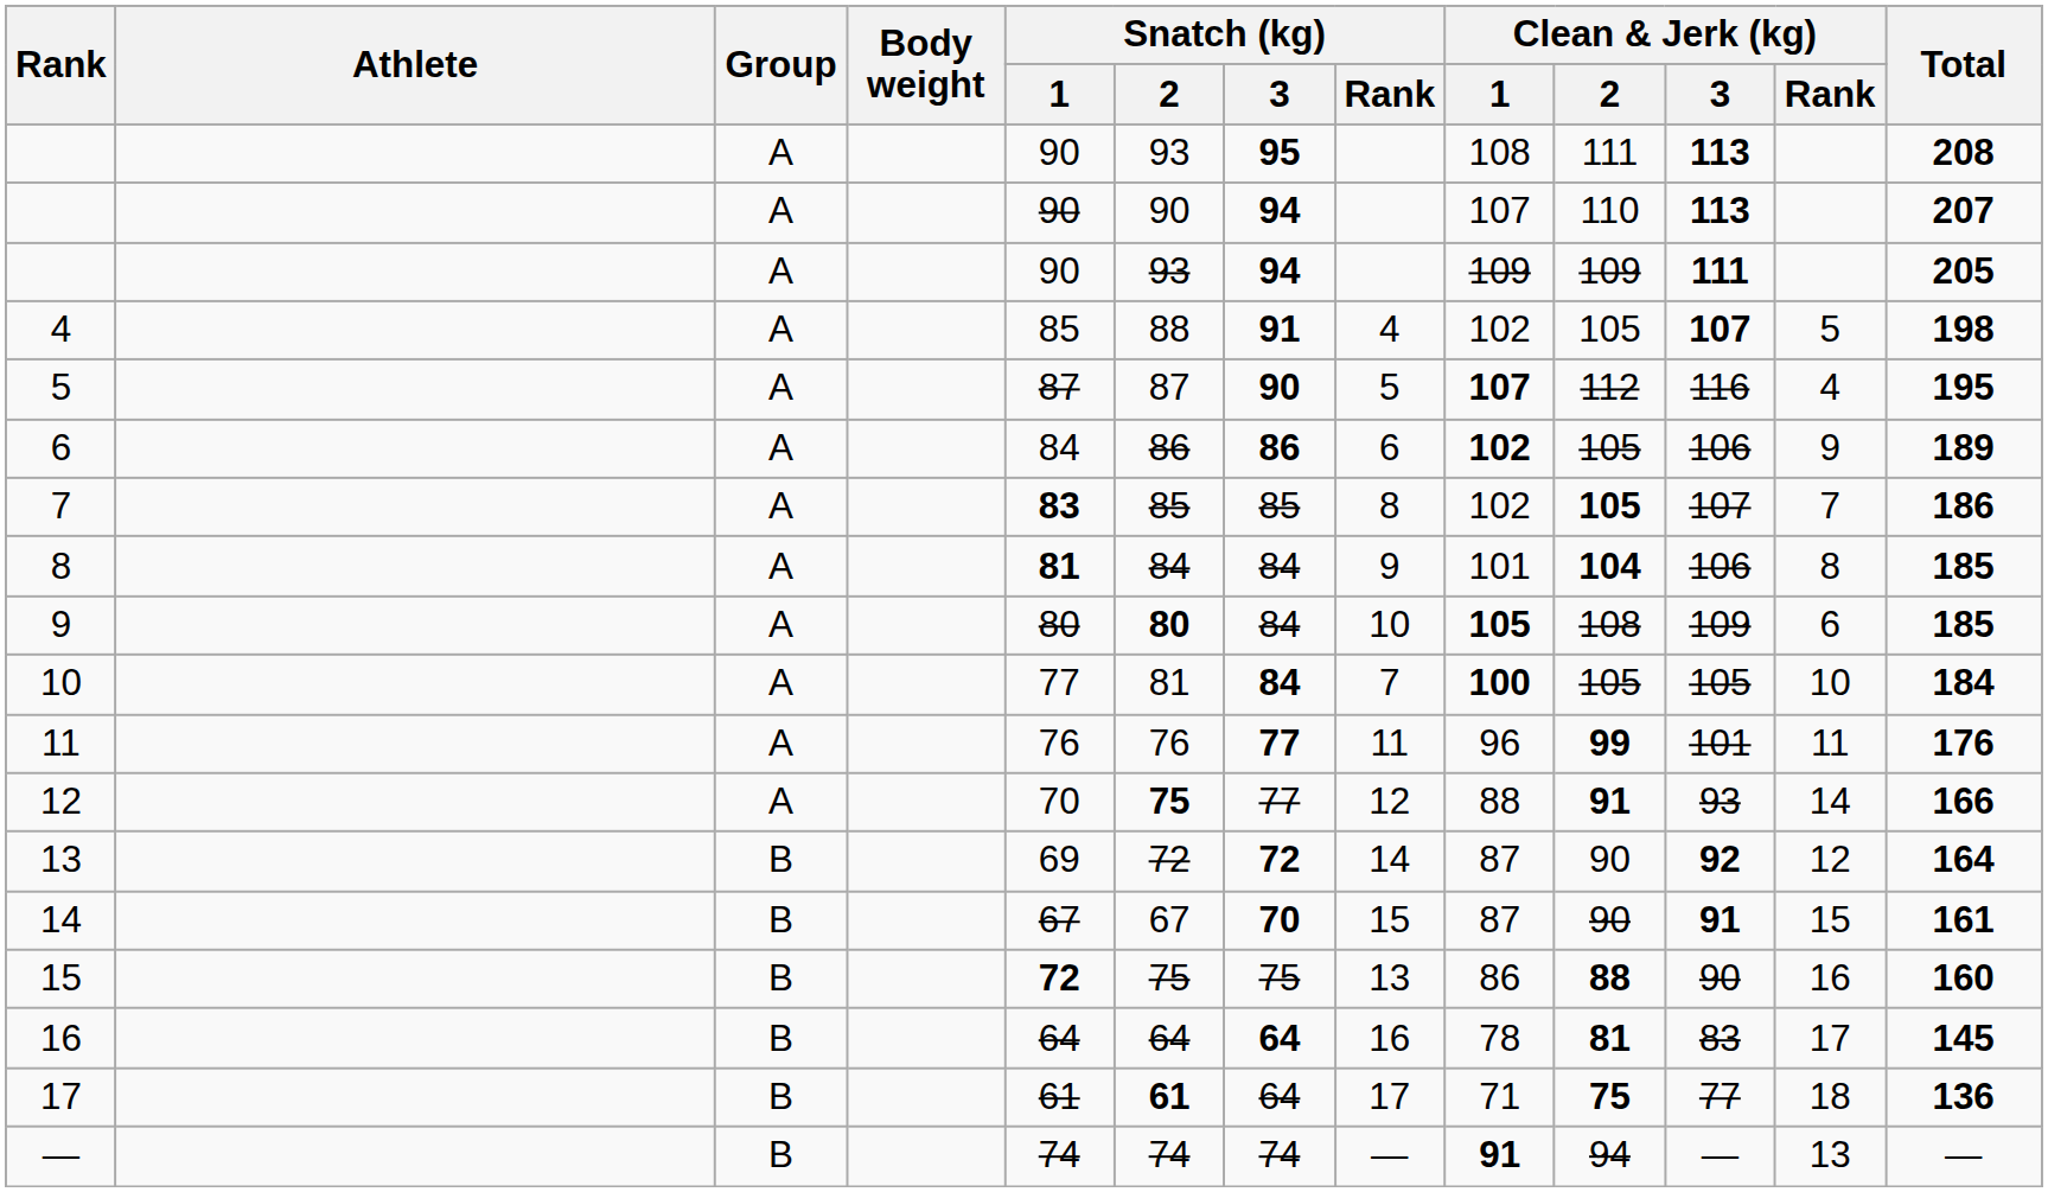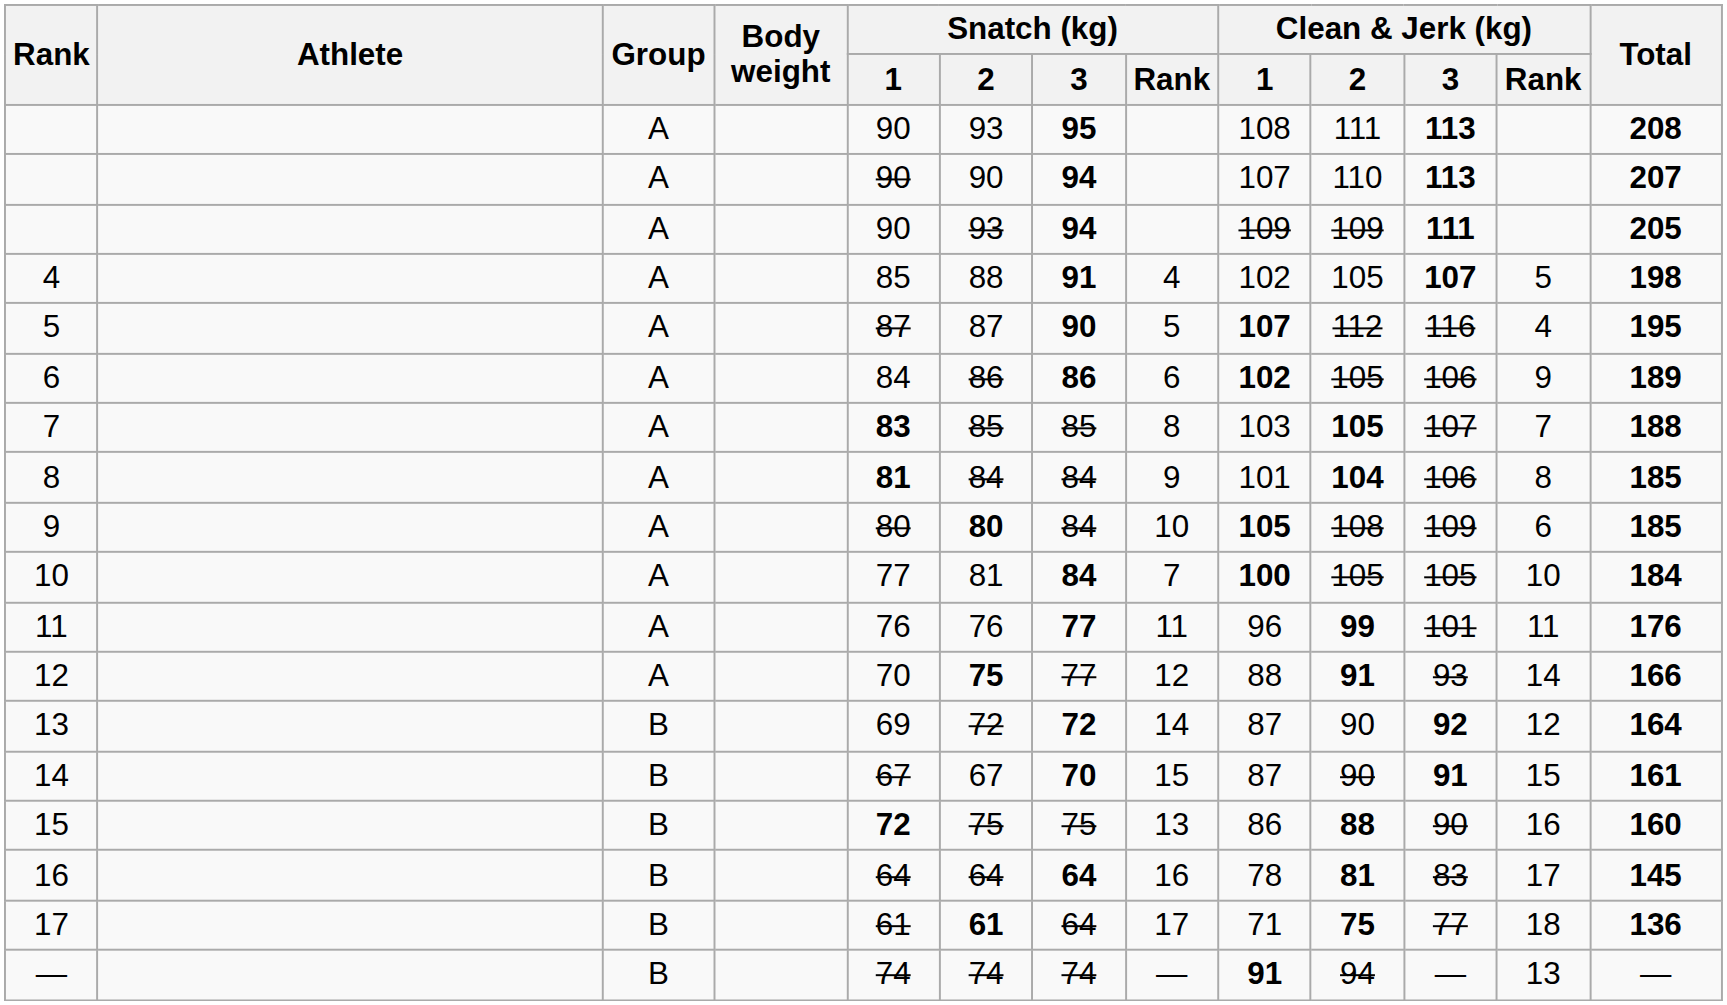 <table class = "wikitable" style="text-align:center;">
 <tr>
 <th rowspan=2 width=40>Rank</th>
 <th rowspan=2 width=250>Athlete</th>
 <th rowspan=2 width=50>Group</th>
 <th rowspan=2 width=60>Body weight</th>
 <th colspan=4>Snatch (kg)</th>
 <th colspan=4>Clean & Jerk (kg)</th>
 <th rowspan=2 width=60>Total</th>
 </tr>
 <tr>
 <th width=40>1</th>
 <th width=40>2</th>
 <th width=40>3</th>
 <th width=40>Rank</th>
 <th width=40>1</th>
 <th width=40>2</th>
 <th width=40>3</th>
 <th width=40>Rank</th>
 </tr>
 <tr>
 <td></td>
 <td align=left></td>
 <td>A</td>
 <td></td>
 <td>90</td>
 <td>93</td>
 <td><strong>95</strong></td>
 <td></td>
 <td>108</td>
 <td>111</td>
 <td><strong>113</strong></td>
 <td></td>
 <td><strong>208</strong></td>
 </tr>
 <tr>
 <td></td>
 <td align=left></td>
 <td>A</td>
 <td></td>
 <td><s>90</s></td>
 <td>90</td>
 <td><strong>94</strong></td>
 <td></td>
 <td>107</td>
 <td>110</td>
 <td><strong>113</strong></td>
 <td></td>
 <td><strong>207</strong></td>
 </tr>
 <tr>
 <td></td>
 <td align=left></td>
 <td>A</td>
 <td></td>
 <td>90</td>
 <td><s>93</s></td>
 <td><strong>94</strong></td>
 <td></td>
 <td><s>109</s></td>
 <td><s>109</s></td>
 <td><strong>111</strong></td>
 <td></td>
 <td><strong>205</strong></td>
 </tr>
 <tr>
 <td>4</td>
 <td align=left></td>
 <td>A</td>
 <td></td>
 <td>85</td>
 <td>88</td>
 <td><strong>91</strong></td>
 <td>4</td>
 <td>102</td>
 <td>105</td>
 <td><strong>107</strong></td>
 <td>5</td>
 <td><strong>198</strong></td>
 </tr>
 <tr>
 <td>5</td>
 <td align=left></td>
 <td>A</td>
 <td></td>
 <td><s>87</s></td>
 <td>87</td>
 <td><strong>90</strong></td>
 <td>5</td>
 <td><strong>107</strong></td>
 <td><s>112</s></td>
 <td><s>116</s></td>
 <td>4</td>
 <td><strong>195</strong></td>
 </tr>
 <tr>
 <td>6</td>
 <td align=left></td>
 <td>A</td>
 <td></td>
 <td>84</td>
 <td><s>86</s></td>
 <td><strong>86</strong></td>
 <td>6</td>
 <td><strong>102</strong></td>
 <td><s>105</s></td>
 <td><s>106</s></td>
 <td>9</td>
 <td><strong>189</strong></td>
 </tr>
 <tr>
 <td>7</td>
 <td align=left></td>
 <td>A</td>
 <td></td>
 <td><strong>83</strong></td>
 <td><s>85</s></td>
 <td><s>85</s></td>
 <td>8</td>
-<td>102</td>
+<td>103</td>
 <td><strong>105</strong></td>
 <td><s>107</s></td>
 <td>7</td>
-<td><strong>186</strong></td>
+<td><strong>188</strong></td>
 </tr>
 <tr>
 <td>8</td>
 <td align=left></td>
 <td>A</td>
 <td></td>
 <td><strong>81</strong></td>
 <td><s>84</s></td>
 <td><s>84</s></td>
 <td>9</td>
 <td>101</td>
 <td><strong>104</strong></td>
 <td><s>106</s></td>
 <td>8</td>
 <td><strong>185</strong></td>
 </tr>
 <tr>
 <td>9</td>
 <td align=left></td>
 <td>A</td>
 <td></td>
 <td><s>80</s></td>
 <td><strong>80</strong></td>
 <td><s>84</s></td>
 <td>10</td>
 <td><strong>105</strong></td>
 <td><s>108</s></td>
 <td><s>109</s></td>
 <td>6</td>
 <td><strong>185</strong></td>
 </tr>
 <tr>
 <td>10</td>
 <td align=left></td>
 <td>A</td>
 <td></td>
 <td>77</td>
 <td>81</td>
 <td><strong>84</strong></td>
 <td>7</td>
 <td><strong>100</strong></td>
 <td><s>105</s></td>
 <td><s>105</s></td>
 <td>10</td>
 <td><strong>184</strong></td>
 </tr>
 <tr>
 <td>11</td>
 <td align=left></td>
 <td>A</td>
 <td></td>
 <td>76</td>
 <td>76</td>
 <td><strong>77</strong></td>
 <td>11</td>
 <td>96</td>
 <td><strong>99</strong></td>
 <td><s>101</s></td>
 <td>11</td>
 <td><strong>176</strong></td>
 </tr>
 <tr>
 <td>12</td>
 <td align=left></td>
 <td>A</td>
 <td></td>
 <td>70</td>
 <td><strong>75</strong></td>
 <td><s>77</s></td>
 <td>12</td>
 <td>88</td>
 <td><strong>91</strong></td>
 <td><s>93</s></td>
 <td>14</td>
 <td><strong>166</strong></td>
 </tr>
 <tr>
 <td>13</td>
 <td align=left></td>
 <td>B</td>
 <td></td>
 <td>69</td>
 <td><s>72</s></td>
 <td><strong>72</strong></td>
 <td>14</td>
 <td>87</td>
 <td>90</td>
 <td><strong>92</strong></td>
 <td>12</td>
 <td><strong>164</strong></td>
 </tr>
 <tr>
 <td>14</td>
 <td align=left></td>
 <td>B</td>
 <td></td>
 <td><s>67</s></td>
 <td>67</td>
 <td><strong>70</strong></td>
 <td>15</td>
 <td>87</td>
 <td><s>90</s></td>
 <td><strong>91</strong></td>
 <td>15</td>
 <td><strong>161</strong></td>
 </tr>
 <tr>
 <td>15</td>
 <td align=left></td>
 <td>B</td>
 <td></td>
 <td><strong>72</strong></td>
 <td><s>75</s></td>
 <td><s>75</s></td>
 <td>13</td>
 <td>86</td>
 <td><strong>88</strong></td>
 <td><s>90</s></td>
 <td>16</td>
 <td><strong>160</strong></td>
 </tr>
 <tr>
 <td>16</td>
 <td align=left></td>
 <td>B</td>
 <td></td>
 <td><s>64</s></td>
 <td><s>64</s></td>
 <td><strong>64</strong></td>
 <td>16</td>
 <td>78</td>
 <td><strong>81</strong></td>
 <td><s>83</s></td>
 <td>17</td>
 <td><strong>145</strong></td>
 </tr>
 <tr>
 <td>17</td>
 <td align=left></td>
 <td>B</td>
 <td></td>
 <td><s>61</s></td>
 <td><strong>61</strong></td>
 <td><s>64</s></td>
 <td>17</td>
 <td>71</td>
 <td><strong>75</strong></td>
 <td><s>77</s></td>
 <td>18</td>
 <td><strong>136</strong></td>
 </tr>
 <tr>
 <td>—</td>
 <td align=left></td>
 <td>B</td>
 <td></td>
 <td><s>74</s></td>
 <td><s>74</s></td>
 <td><s>74</s></td>
 <td>—</td>
 <td><strong>91</strong></td>
 <td><s>94</s></td>
 <td>—</td>
 <td>13</td>
 <td>—</td>
 </tr>
 <tr>
 </tr>
 </table>
